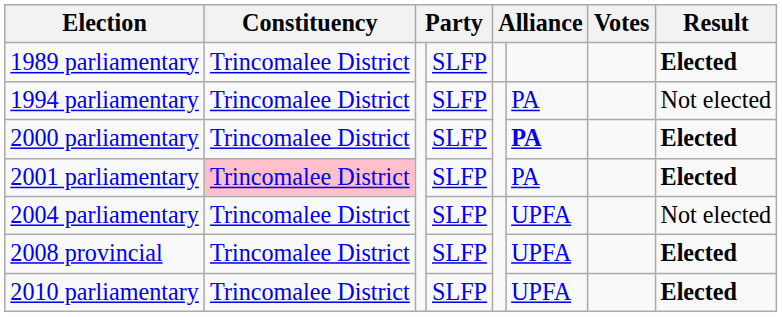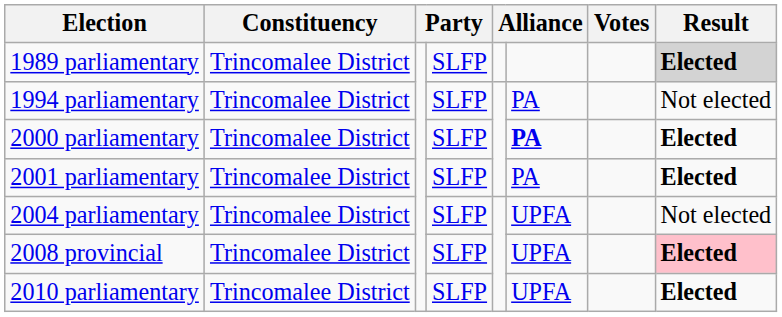 <table class="wikitable" style="text-align:left;">
 <tr>
 <th scope=col>Election</th>
 <th scope=col>Constituency</th>
 <th scope=col colspan="2">Party</th>
 <th scope=col colspan="2">Alliance</th>
 <th scope=col>Votes</th>
 <th scope=col>Result</th>
 </tr>
 <tr>
 <td><a href='#'>1989 parliamentary</a></td>
 <td><a href='#'>Trincomalee District</a></td>
 <td rowspan="7" style="background:"></td>
 <td><a href='#'>SLFP</a></td>
 <td></td>
 <td></td>
 <td align=right></td>
-<td><strong>Elected</strong></td>
+<td style="background: lightgrey;"><strong>Elected</strong></td>
 </tr>
 <tr>
 <td><a href='#'>1994 parliamentary</a></td>
 <td><a href='#'>Trincomalee District</a></td>
 <td><a href='#'>SLFP</a></td>
 <td rowspan="3" style="background:"></td>
 <td><a href='#'>PA</a></td>
 <td></td>
 <td>Not elected</td>
 </tr>
 <tr>
 <td><a href='#'>2000 parliamentary</a></td>
 <td><a href='#'>Trincomalee District</a></td>
 <td><a href='#'>SLFP</a></td>
 <td><strong><a href='#'>PA</a></strong></td>
 <td align=right></td>
 <td><strong>Elected</strong></td>
 </tr>
 <tr>
 <td><a href='#'>2001 parliamentary</a></td>
-<td style="background: pink;"><a href='#'>Trincomalee District</a></td>
+<td><a href='#'>Trincomalee District</a></td>
 <td><a href='#'>SLFP</a></td>
 <td><a href='#'>PA</a></td>
 <td align=right></td>
 <td><strong>Elected</strong></td>
 </tr>
 <tr>
 <td><a href='#'>2004 parliamentary</a></td>
 <td><a href='#'>Trincomalee District</a></td>
 <td><a href='#'>SLFP</a></td>
 <td rowspan="3" style="background:"></td>
 <td><a href='#'>UPFA</a></td>
 <td align=right></td>
 <td>Not elected</td>
 </tr>
 <tr>
 <td><a href='#'>2008 provincial</a></td>
 <td><a href='#'>Trincomalee District</a></td>
 <td><a href='#'>SLFP</a></td>
 <td><a href='#'>UPFA</a></td>
 <td></td>
-<td><strong>Elected</strong></td>
+<td style="background: pink;"><strong>Elected</strong></td>
 </tr>
 <tr>
 <td><a href='#'>2010 parliamentary</a></td>
 <td><a href='#'>Trincomalee District</a></td>
 <td><a href='#'>SLFP</a></td>
 <td><a href='#'>UPFA</a></td>
 <td align=right></td>
 <td><strong>Elected</strong></td>
 </tr>
 </table>
